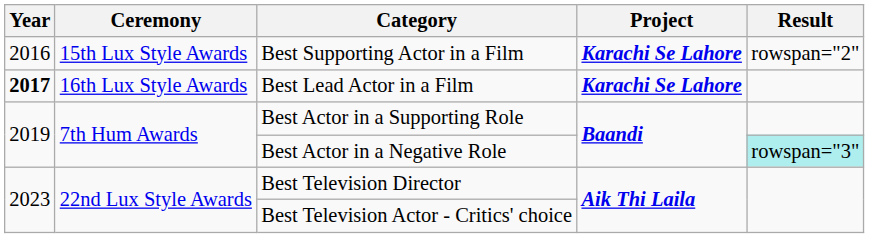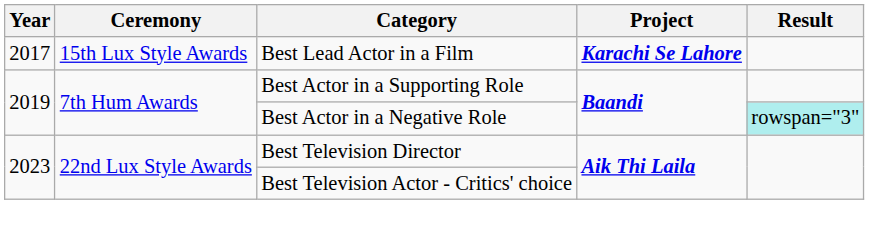 <table class="wikitable style">
 <tr>
 <th>Year</th>
 <th>Ceremony</th>
 <th>Category</th>
 <th>Project</th>
 <th>Result</th>
 </tr>
 <tr>
-<td>2016</td>
+<td>2017</td>
 <td><a href='#'>15th Lux Style Awards</a></td>
-<td>Best Supporting Actor in a Film</td>
-<td><strong><em><a href='#'>Karachi Se Lahore</a></em></strong></td>
-<td>rowspan="2" </td>
-</tr>
-<tr>
-<td><strong>2017</strong></td>
-<td><a href='#'>16th Lux Style Awards</a></td>
 <td>Best Lead Actor in a Film</td>
 <td><strong><em><a href='#'>Karachi Se Lahore</a></em></strong></td>
 </tr>
 <tr>
 <td rowspan="2">2019</td>
 <td rowspan="2"><a href='#'>7th Hum Awards</a></td>
 <td>Best Actor in a Supporting Role</td>
 <td rowspan="2"><strong><em><a href='#'>Baandi</a></em></strong></td>
 <td></td>
 </tr>
 <tr>
 <td>Best Actor in a Negative Role</td>
 <td style="background: paleturquoise;">rowspan="3" </td>
 </tr>
 <tr>
 <td rowspan="2">2023</td>
 <td rowspan="2"><a href='#'>22nd Lux Style Awards</a></td>
 <td>Best Television Director</td>
 <td rowspan="2"><strong><em><a href='#'>Aik Thi Laila</a></em></strong></td>
 </tr>
 <tr>
 <td>Best Television Actor - Critics' choice</td>
 </tr>
 </table>
